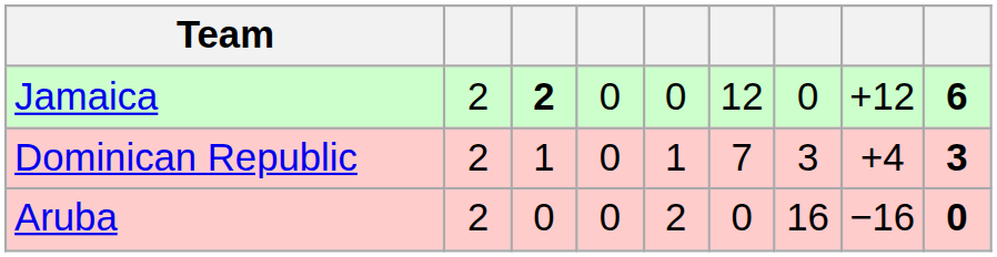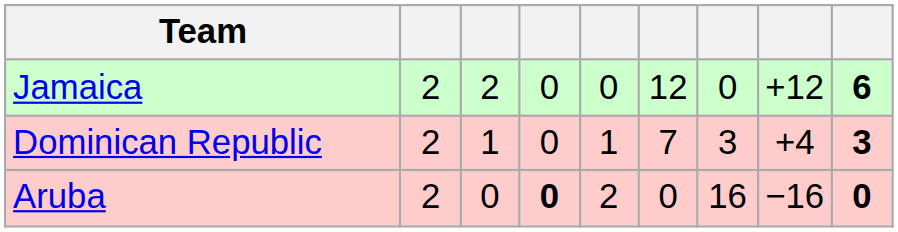 <table class="wikitable" style="text-align: center;">
 <tr>
 <th width="175">Team</th>
 <th width="20"></th>
 <th width="20"></th>
 <th width="20"></th>
 <th width="20"></th>
 <th width="20"></th>
 <th width="20"></th>
 <th width="20"></th>
 <th width="20"></th>
 </tr>
 <tr style="background:#ccffcc;">
 <td align=left> <a href='#'>Jamaica</a></td>
 <td>2</td>
-<td><strong>2</strong></td>
+<td>2</td>
 <td>0</td>
 <td>0</td>
 <td>12</td>
 <td>0</td>
 <td>+12</td>
 <td><strong>6</strong></td>
 </tr>
 <tr style="background:#ffcccc;">
 <td align=left> <a href='#'>Dominican Republic</a></td>
 <td>2</td>
 <td>1</td>
 <td>0</td>
 <td>1</td>
 <td>7</td>
 <td>3</td>
 <td>+4</td>
 <td><strong>3</strong></td>
 </tr>
 <tr style="background:#ffcccc;">
 <td align=left> <a href='#'>Aruba</a></td>
 <td>2</td>
 <td>0</td>
-<td>0</td>
+<td><strong>0</strong></td>
 <td>2</td>
 <td>0</td>
 <td>16</td>
 <td>−16</td>
 <td><strong>0</strong></td>
 </tr>
 </table>
